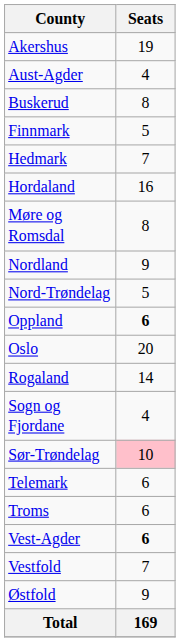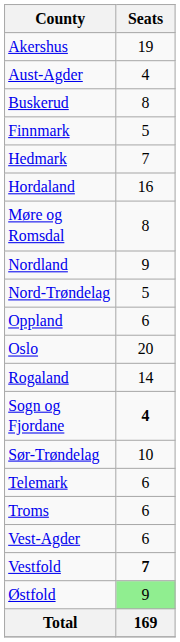 <table class="wikitable sortable" style="text-align:right; font-size:95%; line-height:20px;">
 <tr>
 <th width="100px" class="sortable">County</th>
 <th width="50px" class="sortable">Seats</th>
 </tr>
 <tr>
 <td align="left"><a href='#'>Akershus</a></td>
 <td align="center">19</td>
 </tr>
 <tr>
 <td align="left"><a href='#'>Aust-Agder</a></td>
 <td align="center">4</td>
 </tr>
 <tr>
 <td align="left"><a href='#'>Buskerud</a></td>
 <td align="center">8</td>
 </tr>
 <tr>
 <td align="left"><a href='#'>Finnmark</a></td>
 <td align="center">5</td>
 </tr>
 <tr>
 <td align="left"><a href='#'>Hedmark</a></td>
 <td align="center">7</td>
 </tr>
 <tr>
 <td align="left"><a href='#'>Hordaland</a></td>
 <td align="center">16</td>
 </tr>
 <tr>
 <td align="left"><a href='#'>Møre og Romsdal</a></td>
 <td align="center">8</td>
 </tr>
 <tr>
 <td align="left"><a href='#'>Nordland</a></td>
 <td align="center">9</td>
 </tr>
 <tr>
 <td align="left"><a href='#'>Nord-Trøndelag</a></td>
 <td align="center">5</td>
 </tr>
 <tr>
 <td align="left"><a href='#'>Oppland</a></td>
-<td align="center"><strong>6</strong></td>
+<td align="center">6</td>
 </tr>
 <tr>
 <td align="left"><a href='#'>Oslo</a></td>
 <td align="center">20</td>
 </tr>
 <tr>
 <td align="left"><a href='#'>Rogaland</a></td>
 <td align="center">14</td>
 </tr>
 <tr>
 <td align="left"><a href='#'>Sogn og Fjordane</a></td>
-<td align="center">4</td>
+<td align="center"><strong>4</strong></td>
 </tr>
 <tr>
 <td align="left"><a href='#'>Sør-Trøndelag</a></td>
-<td align="center" style="background: pink;">10</td>
+<td align="center">10</td>
 </tr>
 <tr>
 <td align="left"><a href='#'>Telemark</a></td>
 <td align="center">6</td>
 </tr>
 <tr>
 <td align="left"><a href='#'>Troms</a></td>
 <td align="center">6</td>
 </tr>
 <tr>
 <td align="left"><a href='#'>Vest-Agder</a></td>
-<td align="center"><strong>6</strong></td>
+<td align="center">6</td>
 </tr>
 <tr>
 <td align="left"><a href='#'>Vestfold</a></td>
-<td align="center">7</td>
+<td align="center"><strong>7</strong></td>
 </tr>
 <tr>
 <td align="left"><a href='#'>Østfold</a></td>
-<td align="center">9</td>
+<td align="center" style="background: lightgreen;">9</td>
 </tr>
 <tr>
 <th align="left"><strong>Total</strong></th>
 <th align="center"><strong>169</strong></th>
 </tr>
 <tr>
 </tr>
 </table>
